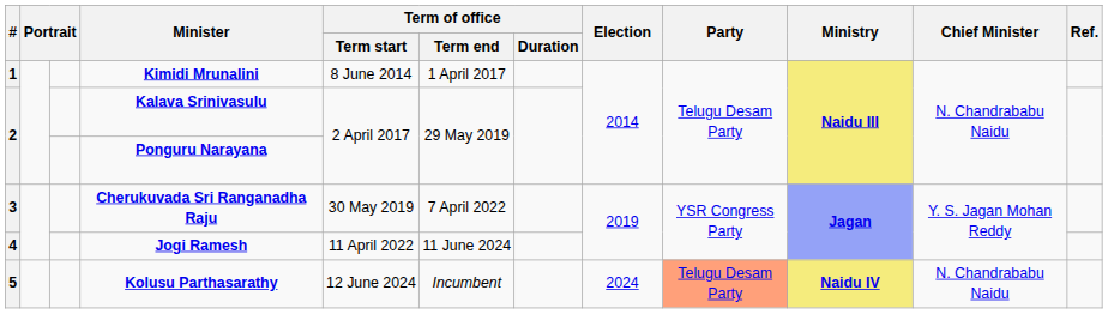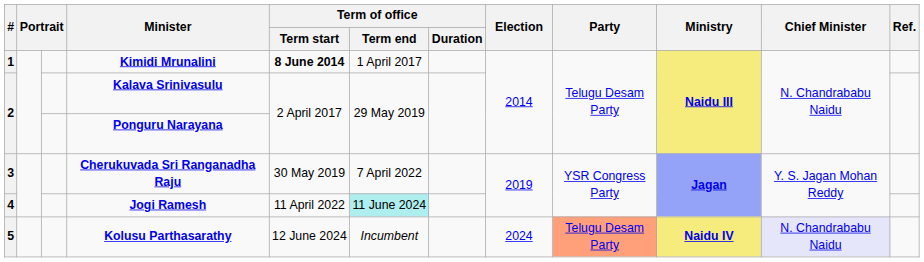 <table class="wikitable" style="line-height:1.4em; text-align:center">
 <tr>
 <th rowspan=2>#</th>
 <th rowspan=2 colspan="2">Portrait</th>
 <th rowspan=2 style="width:16em">Minister<br></th>
 <th colspan="3">Term of office</th>
 <th rowspan=2 style="width:5em">Election<br></th>
 <th rowspan=2 style="width:8em">Party</th>
 <th rowspan=2 style="width:8em">Ministry</th>
 <th rowspan=2 style="width:10em">Chief Minister</th>
 <th rowspan=2>Ref.</th>
 </tr>
 <tr>
 <th>Term start</th>
 <th>Term end</th>
 <th>Duration</th>
 </tr>
 <tr>
 <th>1</th>
 <td rowspan=3></td>
 <td></td>
 <td><strong><a href='#'>Kimidi Mrunalini</a></strong><br></td>
-<td>8 June 2014</td>
+<td><strong>8 June 2014</strong></td>
 <td>1 April 2017</td>
 <td><strong></strong></td>
 <td rowspan=3><a href='#'>2014</a><br></td>
 <td rowspan=3><a href='#'>Telugu Desam Party</a></td>
 <td rowspan=3 bgcolor="#F5EC7D"><strong><a href='#'>Naidu III</a></strong></td>
 <td rowspan=3><a href='#'>N. Chandrababu Naidu</a></td>
 <td></td>
 </tr>
 <tr>
 <th rowspan=2>2</th>
 <td></td>
 <td><strong><a href='#'>Kalava Srinivasulu</a></strong><br><br></td>
 <td rowspan=2>2 April 2017</td>
 <td rowspan=2>29 May 2019</td>
 <td rowspan=2><strong></strong></td>
 <td rowspan=2></td>
 </tr>
 <tr>
 <td></td>
 <td><strong><a href='#'>Ponguru Narayana</a></strong><br><br></td>
 </tr>
 <tr>
 <th>3</th>
 <td rowspan=2></td>
 <td></td>
 <td><strong><a href='#'>Cherukuvada Sri Ranganadha Raju</a></strong><br></td>
 <td>30 May 2019</td>
 <td>7 April 2022</td>
 <td><strong></strong></td>
 <td rowspan=2><a href='#'>2019</a><br></td>
 <td rowspan="2"><a href='#'>YSR Congress Party</a></td>
 <td rowspan=2 bgcolor="#94A2F7"><strong><a href='#'>Jagan</a></strong></td>
 <td rowspan="2"><a href='#'>Y. S. Jagan Mohan Reddy</a></td>
 <td></td>
 </tr>
 <tr>
 <th>4</th>
 <td></td>
 <td><strong><a href='#'>Jogi Ramesh</a></strong><br></td>
 <td>11 April 2022</td>
-<td>11 June 2024</td>
+<td style="background: paleturquoise;">11 June 2024</td>
 <td><strong></strong></td>
 <td></td>
 </tr>
 <tr>
 <th>5</th>
 <td></td>
 <td></td>
 <td><strong><a href='#'>Kolusu Parthasarathy</a></strong><br></td>
 <td>12 June 2024</td>
 <td><em>Incumbent</em></td>
 <td><strong></strong></td>
 <td><a href='#'>2024</a><br></td>
 <td style="background: lightsalmon;"><a href='#'>Telugu Desam Party</a></td>
 <td bgcolor="#F5EC7D"><strong><a href='#'>Naidu IV</a></strong></td>
-<td><a href='#'>N. Chandrababu Naidu</a></td>
+<td style="background: lavender;"><a href='#'>N. Chandrababu Naidu</a></td>
 <td></td>
 </tr>
 </table>
